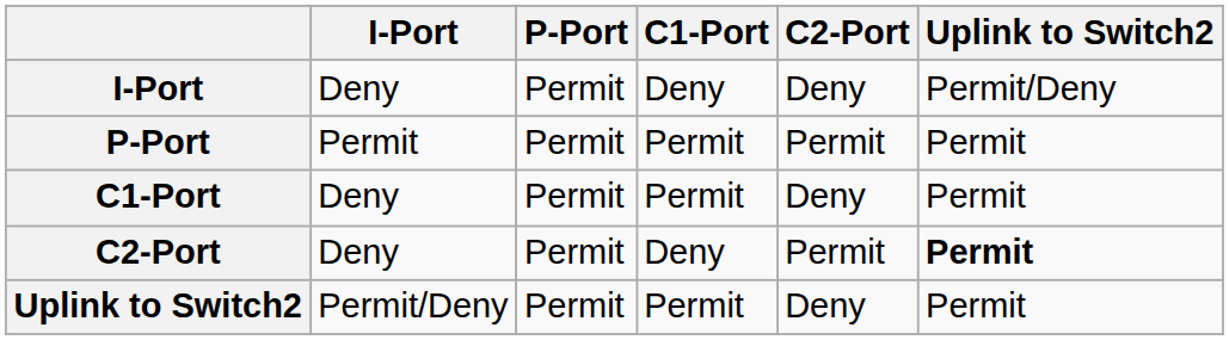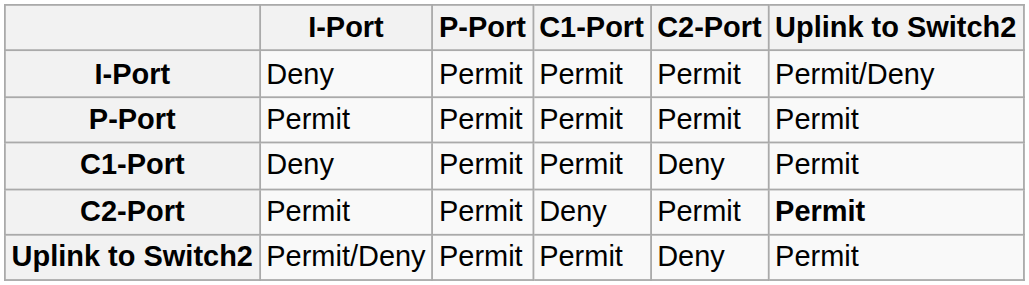 <table border="1" class="wikitable">
 <tr>
 <th></th>
 <th>I-Port</th>
 <th>P-Port</th>
 <th>C1-Port</th>
 <th>C2-Port</th>
 <th>Uplink to Switch2</th>
 </tr>
 <tr>
 <th>I-Port</th>
 <td>Deny</td>
 <td>Permit</td>
-<td>Deny</td>
-<td>Deny</td>
+<td>Permit</td>
+<td>Permit</td>
 <td>Permit/Deny</td>
 </tr>
 <tr>
 <th>P-Port</th>
 <td>Permit</td>
 <td>Permit</td>
 <td>Permit</td>
 <td>Permit</td>
 <td>Permit</td>
 </tr>
 <tr>
 <th>C1-Port</th>
 <td>Deny</td>
 <td>Permit</td>
 <td>Permit</td>
 <td>Deny</td>
 <td>Permit</td>
 </tr>
 <tr>
 <th>C2-Port</th>
-<td>Deny</td>
+<td>Permit</td>
 <td>Permit</td>
 <td>Deny</td>
 <td>Permit</td>
 <td><strong>Permit</strong></td>
 </tr>
 <tr>
 <th>Uplink to Switch2</th>
 <td>Permit/Deny</td>
 <td>Permit</td>
 <td>Permit</td>
 <td>Deny</td>
 <td>Permit</td>
 </tr>
 </table>
